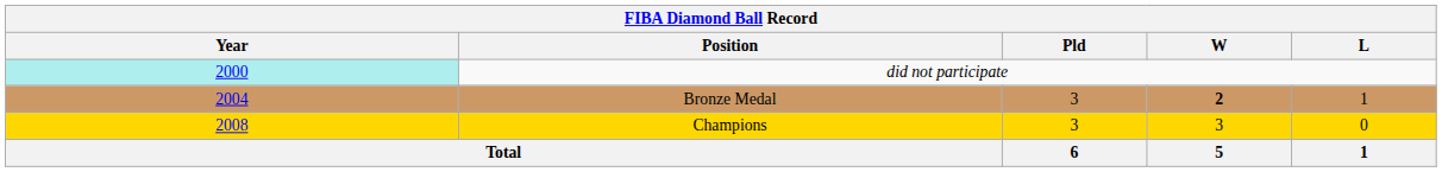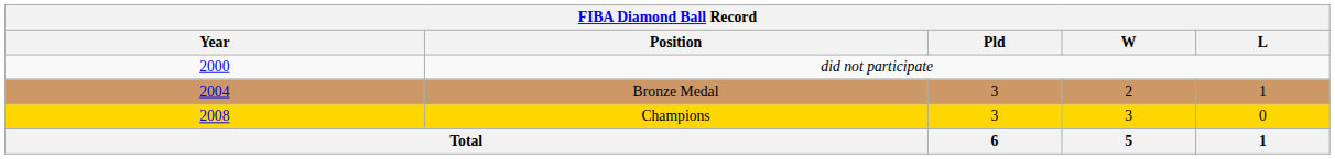 <table class="wikitable" width=80% style="text-align: center;font-size:90%;">
 <tr>
 <th colspan=5><a href='#'>FIBA Diamond Ball</a> Record</th>
 </tr>
 <tr>
 <th width=25%>Year</th>
 <th width=30%>Position</th>
 <th width=8%>Pld</th>
 <th width=8%>W</th>
 <th width=8%>L</th>
 </tr>
 <tr>
-<td style="background: paleturquoise;"> <a href='#'>2000</a></td>
+<td> <a href='#'>2000</a></td>
 <td colspan=4><em>did not participate</em></td>
 </tr>
 <tr bgcolor=cc9966>
 <td> <a href='#'>2004</a></td>
 <td>Bronze Medal</td>
 <td>3</td>
-<td><strong>2</strong></td>
+<td>2</td>
 <td>1</td>
 </tr>
 <tr bgcolor=gold>
 <td> <a href='#'>2008</a></td>
 <td>Champions</td>
 <td>3</td>
 <td>3</td>
 <td>0</td>
 </tr>
 <tr>
 <th colspan=2>Total</th>
 <th>6</th>
 <th>5</th>
 <th>1</th>
 </tr>
 </table>
